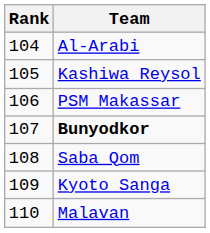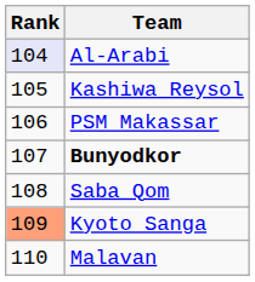 <table class="wikitable" style="text-align: left;">
 <tr>
 <th>Rank</th>
 <th>Team</th>
 </tr>
 <tr>
-<td>104</td>
+<td style="background: lavender;">104</td>
 <td> <a href='#'>Al-Arabi</a></td>
 </tr>
 <tr>
 <td>105</td>
 <td> <a href='#'>Kashiwa Reysol</a></td>
 </tr>
 <tr>
 <td>106</td>
 <td> <a href='#'>PSM Makassar</a></td>
 </tr>
 <tr>
 <td>107</td>
 <td> <strong>Bunyodkor</strong></td>
 </tr>
 <tr>
 <td>108</td>
 <td> <a href='#'>Saba Qom</a></td>
 </tr>
 <tr>
-<td>109</td>
+<td style="background: lightsalmon;">109</td>
 <td> <a href='#'>Kyoto Sanga</a></td>
 </tr>
 <tr>
 <td>110</td>
 <td> <a href='#'>Malavan</a></td>
 </tr>
 </table>
